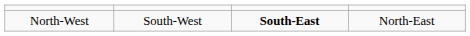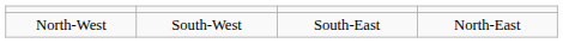 <table class="wikitable" style="float:right;margin-left:1em;text-align:center;">
 <tr>
 <td width="14%"></td>
 <td width="15%"></td>
 <td width="15%"></td>
 <td width="15%"></td>
 </tr>
 <tr>
 <td>North-West</td>
 <td>South-West</td>
-<td><strong>South-East</strong></td>
+<td>South-East</td>
 <td>North-East</td>
 </tr>
 </table>
